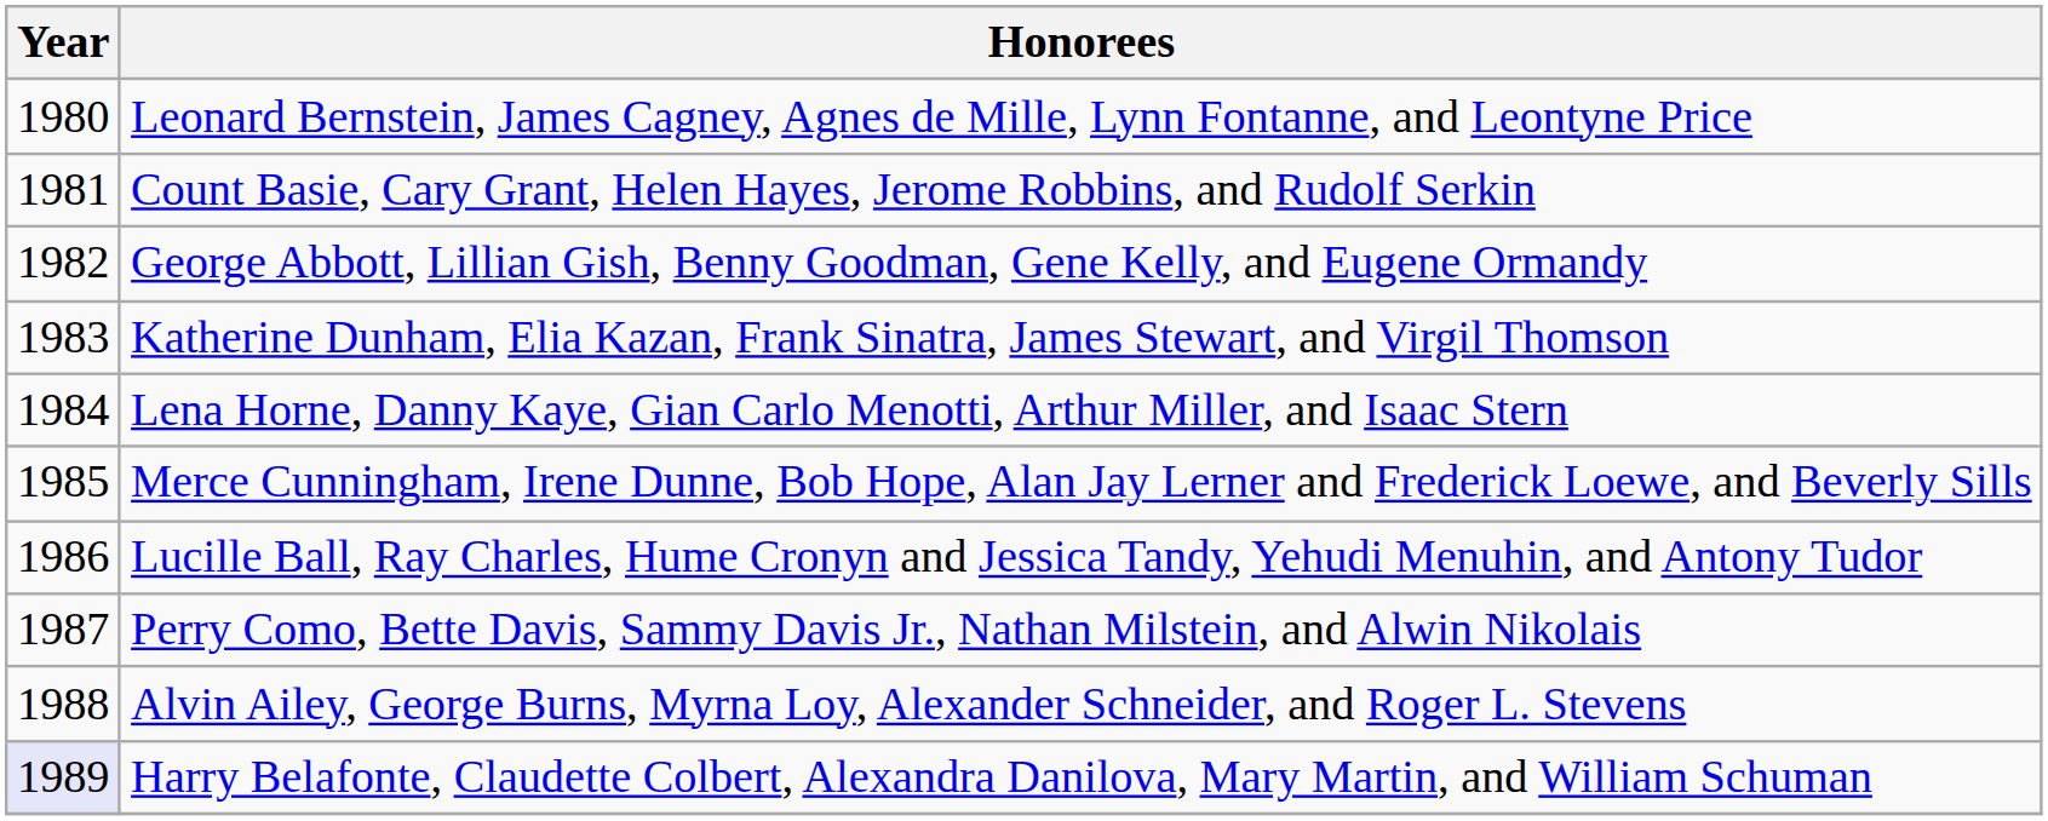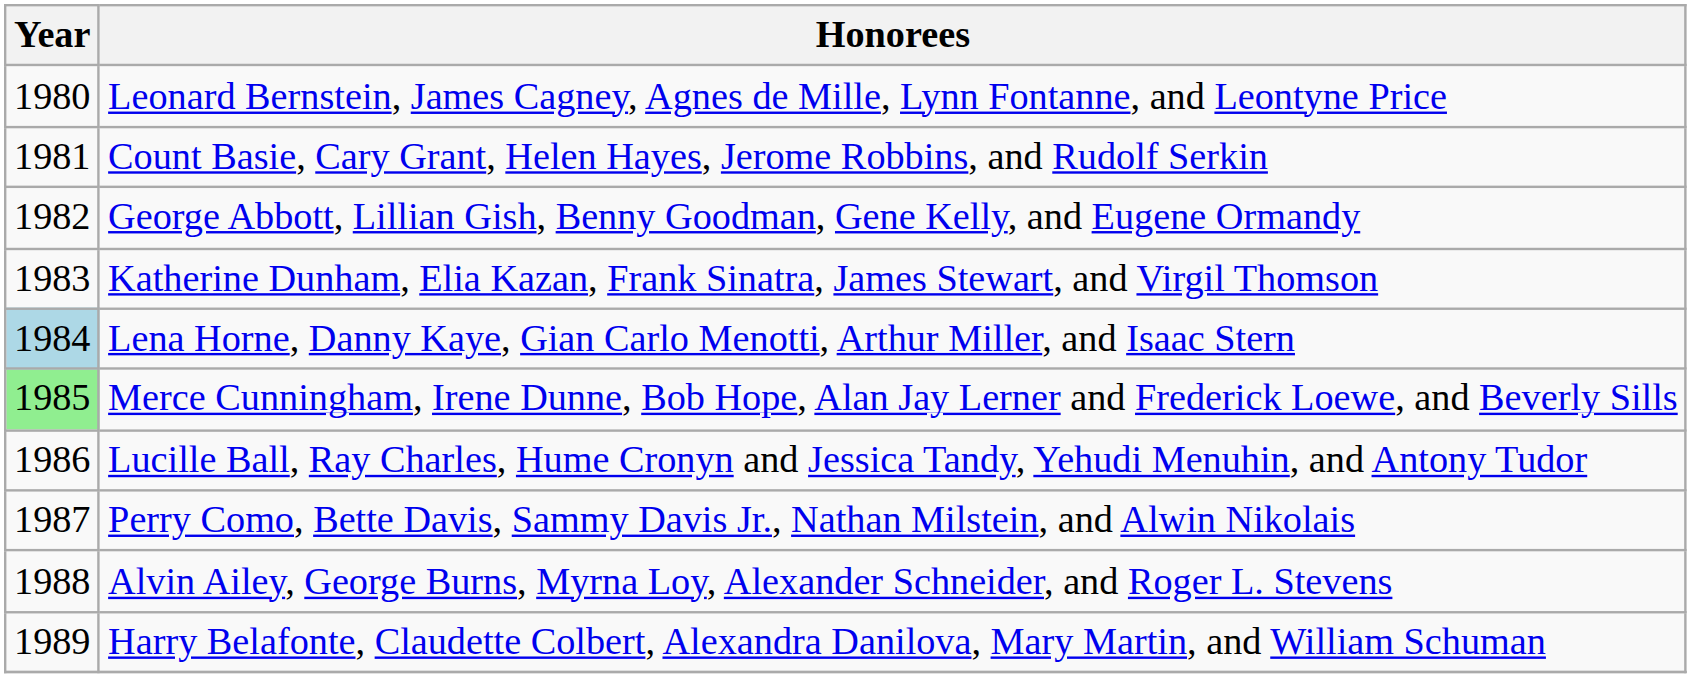 <table class="wikitable">
 <tr>
 <th>Year</th>
 <th>Honorees</th>
 </tr>
 <tr>
 <td>1980</td>
 <td><a href='#'>Leonard Bernstein</a>, <a href='#'>James Cagney</a>, <a href='#'>Agnes de Mille</a>, <a href='#'>Lynn Fontanne</a>, and <a href='#'>Leontyne Price</a></td>
 </tr>
 <tr>
 <td>1981</td>
 <td><a href='#'>Count Basie</a>, <a href='#'>Cary Grant</a>, <a href='#'>Helen Hayes</a>, <a href='#'>Jerome Robbins</a>, and <a href='#'>Rudolf Serkin</a></td>
 </tr>
 <tr>
 <td>1982</td>
 <td><a href='#'>George Abbott</a>, <a href='#'>Lillian Gish</a>, <a href='#'>Benny Goodman</a>, <a href='#'>Gene Kelly</a>, and <a href='#'>Eugene Ormandy</a></td>
 </tr>
 <tr>
 <td>1983</td>
 <td><a href='#'>Katherine Dunham</a>, <a href='#'>Elia Kazan</a>, <a href='#'>Frank Sinatra</a>, <a href='#'>James Stewart</a>, and <a href='#'>Virgil Thomson</a></td>
 </tr>
 <tr>
-<td>1984</td>
+<td style="background: lightblue;">1984</td>
 <td><a href='#'>Lena Horne</a>, <a href='#'>Danny Kaye</a>, <a href='#'>Gian Carlo Menotti</a>, <a href='#'>Arthur Miller</a>, and <a href='#'>Isaac Stern</a></td>
 </tr>
 <tr>
-<td>1985</td>
+<td style="background: lightgreen;">1985</td>
 <td><a href='#'>Merce Cunningham</a>, <a href='#'>Irene Dunne</a>, <a href='#'>Bob Hope</a>, <a href='#'>Alan Jay Lerner</a> and <a href='#'>Frederick Loewe</a>, and <a href='#'>Beverly Sills</a></td>
 </tr>
 <tr>
 <td>1986</td>
 <td><a href='#'>Lucille Ball</a>, <a href='#'>Ray Charles</a>, <a href='#'>Hume Cronyn</a> and <a href='#'>Jessica Tandy</a>, <a href='#'>Yehudi Menuhin</a>, and <a href='#'>Antony Tudor</a></td>
 </tr>
 <tr>
 <td>1987</td>
 <td><a href='#'>Perry Como</a>, <a href='#'>Bette Davis</a>, <a href='#'>Sammy Davis Jr.</a>, <a href='#'>Nathan Milstein</a>, and <a href='#'>Alwin Nikolais</a></td>
 </tr>
 <tr>
 <td>1988</td>
 <td><a href='#'>Alvin Ailey</a>, <a href='#'>George Burns</a>, <a href='#'>Myrna Loy</a>, <a href='#'>Alexander Schneider</a>, and <a href='#'>Roger L. Stevens</a></td>
 </tr>
 <tr>
-<td style="background: lavender;">1989</td>
+<td>1989</td>
 <td><a href='#'>Harry Belafonte</a>, <a href='#'>Claudette Colbert</a>, <a href='#'>Alexandra Danilova</a>, <a href='#'>Mary Martin</a>, and <a href='#'>William Schuman</a></td>
 </tr>
 <tr>
 </tr>
 </table>
